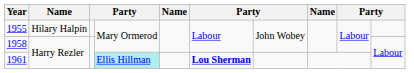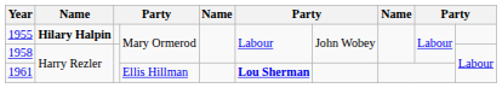 <table class="wikitable">
 <tr>
 <th>Year</th>
 <th>Name</th>
 <th colspan=2>Party</th>
 <th>Name</th>
 <th colspan=2>Party</th>
 <th>Name</th>
 <th colspan=2>Party</th>
 </tr>
 <tr>
 <td><a href='#'>1955</a></td>
-<td>Hilary Halpin</td>
+<td><strong>Hilary Halpin</strong></td>
 <td></td>
 <td rowspan=2>Mary Ormerod</td>
 <td rowspan=2 style="background-color: "></td>
 <td rowspan=2><a href='#'>Labour</a></td>
 <td rowspan=2>John Wobey</td>
 <td rowspan=2 style="background-color: "></td>
 <td rowspan=2><a href='#'>Labour</a></td>
 </tr>
 <tr>
 <td><a href='#'>1958</a></td>
 <td rowspan=2>Harry Rezler</td>
 <td rowspan=2 style="background-color: "></td>
 <td rowspan=2><a href='#'>Labour</a></td>
 </tr>
 <tr>
 <td><a href='#'>1961</a></td>
-<td style="background: paleturquoise;"><a href='#'>Ellis Hillman</a></td>
+<td><a href='#'>Ellis Hillman</a></td>
 <td></td>
 <td><strong><a href='#'>Lou Sherman</a></strong></td>
 <td></td>
 </tr>
 </table>
